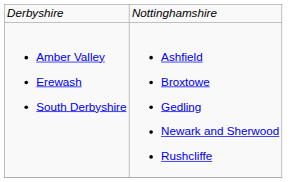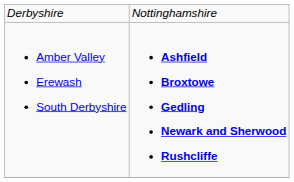 <table class="wikitable">
 <tr>
 <td><em>Derbyshire</em></td>
 <td><em>Nottinghamshire</em></td>
 </tr>
 <tr>
 <td style="vertical-align: top;"><br><ul><li><a href='#'>Amber Valley</a></li></ul><ul><li><a href='#'>Erewash</a></li></ul><ul><li><a href='#'>South Derbyshire</a></li></ul></td>
-<td><br><ul><li><a href='#'>Ashfield</a></li></ul><ul><li><a href='#'>Broxtowe</a></li></ul><ul><li><a href='#'>Gedling</a></li></ul><ul><li><a href='#'>Newark and Sherwood</a></li></ul><ul><li><a href='#'>Rushcliffe</a></li></ul></td>
+<td><strong><br><ul><li><a href='#'>Ashfield</a></li></ul><ul><li><a href='#'>Broxtowe</a></li></ul><ul><li><a href='#'>Gedling</a></li></ul><ul><li><a href='#'>Newark and Sherwood</a></li></ul><ul><li><a href='#'>Rushcliffe</a></li></ul></strong></td>
 </tr>
 <tr>
 </tr>
 </table>
